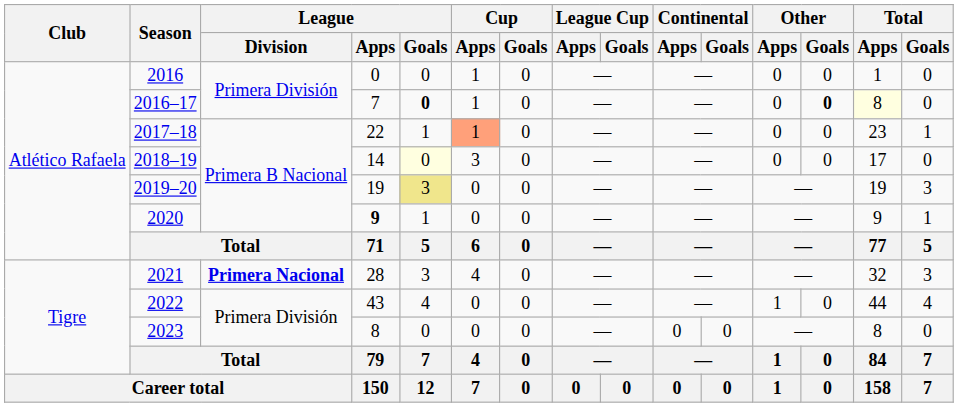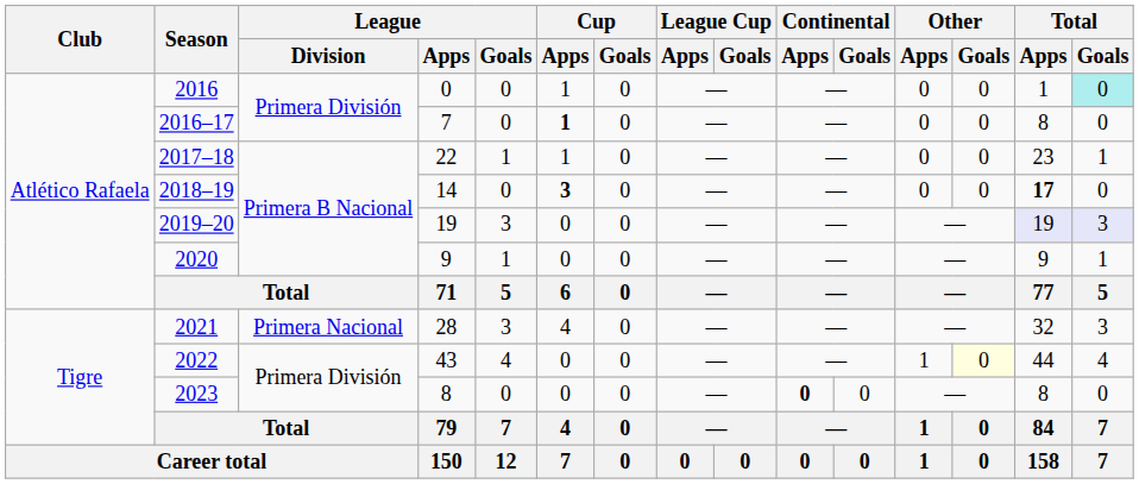 <table class="wikitable" style="text-align:center">
 <tr>
 <th rowspan="2">Club</th>
 <th rowspan="2">Season</th>
 <th colspan="3">League</th>
 <th colspan="2">Cup</th>
 <th colspan="2">League Cup</th>
 <th colspan="2">Continental</th>
 <th colspan="2">Other</th>
 <th colspan="2">Total</th>
 </tr>
 <tr>
 <th>Division</th>
 <th>Apps</th>
 <th>Goals</th>
 <th>Apps</th>
 <th>Goals</th>
 <th>Apps</th>
 <th>Goals</th>
 <th>Apps</th>
 <th>Goals</th>
 <th>Apps</th>
 <th>Goals</th>
 <th>Apps</th>
 <th>Goals</th>
 </tr>
 <tr>
 <td rowspan="7"><a href='#'>Atlético Rafaela</a></td>
 <td><a href='#'>2016</a></td>
 <td rowspan="2"><a href='#'>Primera División</a></td>
 <td>0</td>
 <td>0</td>
 <td>1</td>
 <td>0</td>
 <td colspan="2">—</td>
 <td colspan="2">—</td>
 <td>0</td>
 <td>0</td>
 <td>1</td>
-<td>0</td>
+<td style="background: paleturquoise;">0</td>
 </tr>
 <tr>
 <td><a href='#'>2016–17</a></td>
 <td>7</td>
-<td><strong>0</strong></td>
-<td>1</td>
+<td>0</td>
+<td><strong>1</strong></td>
 <td>0</td>
 <td colspan="2">—</td>
 <td colspan="2">—</td>
 <td>0</td>
-<td><strong>0</strong></td>
-<td style="background: lightyellow;">8</td>
+<td>0</td>
+<td>8</td>
 <td>0</td>
 </tr>
 <tr>
 <td><a href='#'>2017–18</a></td>
 <td rowspan="4"><a href='#'>Primera B Nacional</a></td>
 <td>22</td>
 <td>1</td>
-<td style="background: lightsalmon;">1</td>
+<td>1</td>
 <td>0</td>
 <td colspan="2">—</td>
 <td colspan="2">—</td>
 <td>0</td>
 <td>0</td>
 <td>23</td>
 <td>1</td>
 </tr>
 <tr>
 <td><a href='#'>2018–19</a></td>
 <td>14</td>
-<td style="background: lightyellow;">0</td>
-<td>3</td>
+<td>0</td>
+<td><strong>3</strong></td>
 <td>0</td>
 <td colspan="2">—</td>
 <td colspan="2">—</td>
 <td>0</td>
 <td>0</td>
-<td>17</td>
+<td><strong>17</strong></td>
 <td>0</td>
 </tr>
 <tr>
 <td><a href='#'>2019–20</a></td>
 <td>19</td>
-<td style="background: khaki;">3</td>
+<td>3</td>
 <td>0</td>
 <td>0</td>
 <td colspan="2">—</td>
 <td colspan="2">—</td>
 <td colspan="2">—</td>
-<td>19</td>
-<td>3</td>
+<td style="background: lavender;">19</td>
+<td style="background: lavender;">3</td>
 </tr>
 <tr>
 <td><a href='#'>2020</a></td>
-<td><strong>9</strong></td>
+<td>9</td>
 <td>1</td>
 <td>0</td>
 <td>0</td>
 <td colspan="2">—</td>
 <td colspan="2">—</td>
 <td colspan="2">—</td>
 <td>9</td>
 <td>1</td>
 </tr>
 <tr>
 <th colspan="2">Total</th>
 <th>71</th>
 <th>5</th>
 <th>6</th>
 <th>0</th>
 <th colspan="2">—</th>
 <th colspan="2">—</th>
 <th colspan="2">—</th>
 <th>77</th>
 <th>5</th>
 </tr>
 <tr>
 <td rowspan="4"><a href='#'>Tigre</a></td>
 <td><a href='#'>2021</a></td>
-<td><strong><a href='#'>Primera Nacional</a></strong></td>
+<td><a href='#'>Primera Nacional</a></td>
 <td>28</td>
 <td>3</td>
 <td>4</td>
 <td>0</td>
 <td colspan="2">—</td>
 <td colspan="2">—</td>
 <td colspan="2">—</td>
 <td>32</td>
 <td>3</td>
 </tr>
 <tr>
 <td><a href='#'>2022</a></td>
 <td rowspan="2">Primera División</td>
 <td>43</td>
 <td>4</td>
 <td>0</td>
 <td>0</td>
 <td colspan="2">—</td>
 <td colspan="2">—</td>
 <td>1</td>
-<td>0</td>
+<td style="background: lightyellow;">0</td>
 <td>44</td>
 <td>4</td>
 </tr>
 <tr>
 <td><a href='#'>2023</a></td>
 <td>8</td>
 <td>0</td>
 <td>0</td>
 <td>0</td>
 <td colspan="2">—</td>
-<td>0</td>
+<td><strong>0</strong></td>
 <td>0</td>
 <td colspan="2">—</td>
 <td>8</td>
 <td>0</td>
 </tr>
 <tr>
 <th colspan="2">Total</th>
 <th>79</th>
 <th>7</th>
 <th>4</th>
 <th>0</th>
 <th colspan="2">—</th>
 <th colspan="2">—</th>
 <th>1</th>
 <th>0</th>
 <th>84</th>
 <th>7</th>
 </tr>
 <tr>
 <th colspan="3">Career total</th>
 <th>150</th>
 <th>12</th>
 <th>7</th>
 <th>0</th>
 <th>0</th>
 <th>0</th>
 <th>0</th>
 <th>0</th>
 <th>1</th>
 <th>0</th>
 <th>158</th>
 <th>7</th>
 </tr>
 </table>
